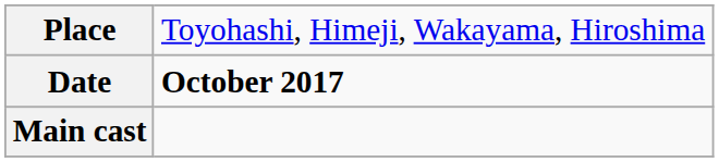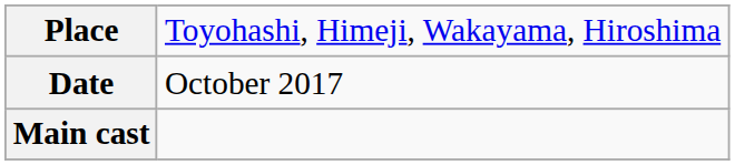 <table class="wikitable">
 <tr>
 <th>Place</th>
 <td><a href='#'>Toyohashi</a>, <a href='#'>Himeji</a>, <a href='#'>Wakayama</a>, <a href='#'>Hiroshima</a></td>
 </tr>
 <tr>
 <th>Date</th>
-<td><strong>October 2017</strong></td>
+<td>October 2017</td>
 </tr>
 <tr>
 <th>Main cast</th>
 <td colspan="2"></td>
 </tr>
 </table>
